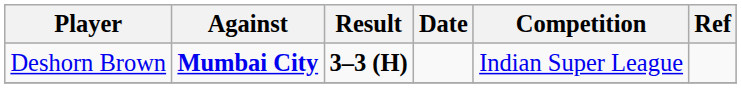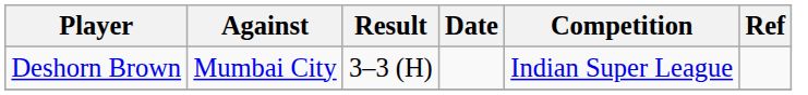 <table class="wikitable">
 <tr>
 <th>Player</th>
 <th>Against</th>
 <th style="text-align:center">Result</th>
 <th>Date</th>
 <th style="text-align:center">Competition</th>
 <th>Ref</th>
 </tr>
 <tr>
 <td> <a href='#'>Deshorn Brown</a></td>
-<td><strong><a href='#'>Mumbai City</a></strong></td>
-<td><strong>3–3 (H)</strong></td>
+<td><a href='#'>Mumbai City</a></td>
+<td>3–3 (H)</td>
 <td></td>
 <td><a href='#'>Indian Super League</a></td>
 <td></td>
 </tr>
 <tr>
 </tr>
 </table>
